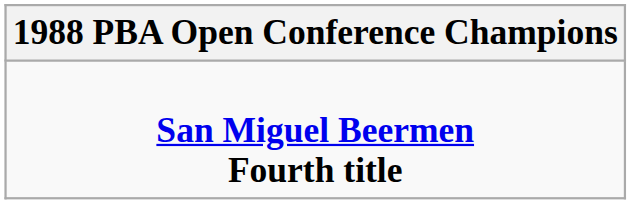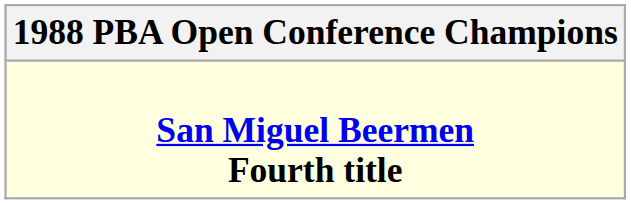 <table class=wikitable style="text-align:center; margin:auto">
 <tr>
 <th>1988 PBA Open Conference Champions</th>
 </tr>
 <tr>
-<td><br> <strong><a href='#'>San Miguel Beermen</a></strong> <br> <strong>Fourth title</strong></td>
+<td style="background: lightyellow;"><br> <strong><a href='#'>San Miguel Beermen</a></strong> <br> <strong>Fourth title</strong></td>
 </tr>
 </table>
